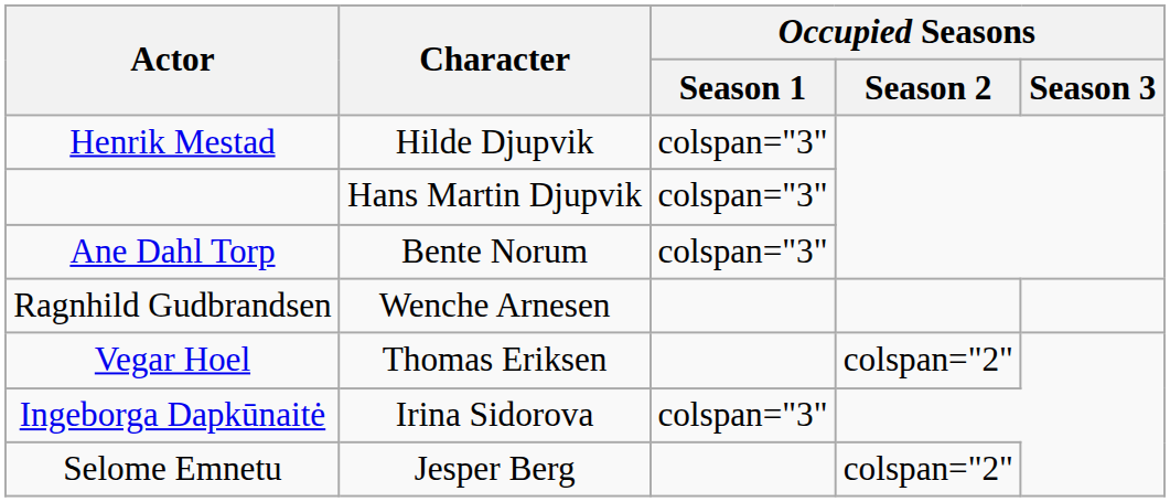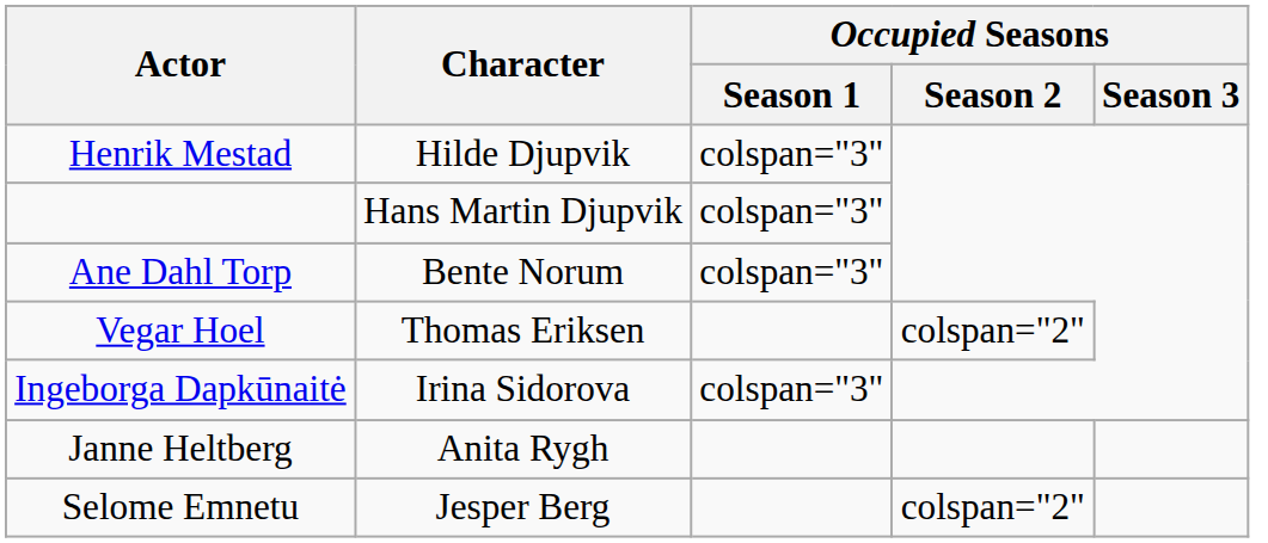 <table class="wikitable" style="text-align:center;">
 <tr>
 <th rowspan="2">Actor</th>
 <th rowspan="2">Character</th>
 <th colspan="3"><em>Occupied</em> Seasons</th>
 </tr>
 <tr>
 <th>Season 1</th>
 <th>Season 2</th>
 <th>Season 3</th>
 </tr>
 <tr>
 <td><a href='#'>Henrik Mestad</a></td>
 <td>Hilde Djupvik</td>
 <td>colspan="3" </td>
 </tr>
 <tr>
 <td></td>
 <td>Hans Martin Djupvik</td>
 <td>colspan="3" </td>
 </tr>
 <tr>
 <td><a href='#'>Ane Dahl Torp</a></td>
 <td>Bente Norum</td>
 <td>colspan="3" </td>
 </tr>
 <tr>
-<td>Ragnhild Gudbrandsen</td>
-<td>Wenche Arnesen</td>
-<td></td>
-<td></td>
-<td></td>
-</tr>
-<tr>
 <td><a href='#'>Vegar Hoel</a></td>
 <td>Thomas Eriksen</td>
 <td></td>
 <td>colspan="2" </td>
 </tr>
 <tr>
 <td><a href='#'>Ingeborga Dapkūnaitė</a></td>
 <td>Irina Sidorova</td>
 <td>colspan="3" </td>
 </tr>
 <tr>
+<td>Janne Heltberg</td>
+<td>Anita Rygh</td>
+<td></td>
+<td></td>
+<td></td>
+</tr>
+<tr>
 <td>Selome Emnetu</td>
 <td>Jesper Berg</td>
 <td></td>
 <td>colspan="2" </td>
 </tr>
 </table>
